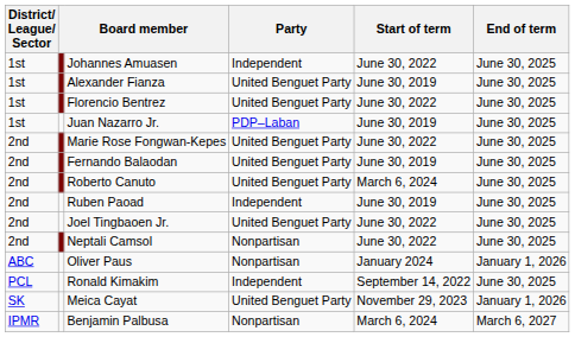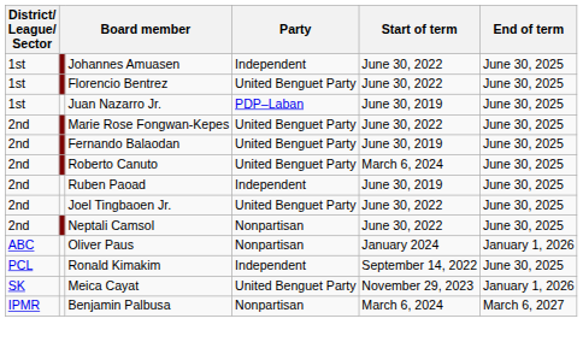 <table class="wikitable">
 <tr>
 <th>District/<br>League/<br>Sector</th>
 <th colspan="2">Board member</th>
 <th>Party</th>
 <th>Start of term</th>
 <th>End of term</th>
 </tr>
 <tr>
 <td>1st</td>
 <td bgcolor=#7D0403></td>
 <td>Johannes Amuasen</td>
 <td>Independent</td>
 <td>June 30, 2022</td>
-<td>June 30, 2025</td>
-</tr>
-<tr>
-<td>1st</td>
-<td bgcolor=#7D0403></td>
-<td>Alexander Fianza</td>
-<td>United Benguet Party</td>
-<td>June 30, 2019</td>
 <td>June 30, 2025</td>
 </tr>
 <tr>
 <td>1st</td>
 <td bgcolor=#7D0403></td>
 <td>Florencio Bentrez</td>
 <td>United Benguet Party</td>
 <td>June 30, 2022</td>
 <td>June 30, 2025</td>
 </tr>
 <tr>
 <td>1st</td>
 <td></td>
 <td>Juan Nazarro Jr.</td>
 <td><a href='#'>PDP–Laban</a></td>
 <td>June 30, 2019</td>
 <td>June 30, 2025</td>
 </tr>
 <tr>
 <td>2nd</td>
 <td bgcolor=#7D0403></td>
 <td>Marie Rose Fongwan-Kepes</td>
 <td>United Benguet Party</td>
 <td>June 30, 2022</td>
 <td>June 30, 2025</td>
 </tr>
 <tr>
 <td>2nd</td>
 <td bgcolor=#7D0403></td>
 <td>Fernando Balaodan</td>
 <td>United Benguet Party</td>
 <td>June 30, 2019</td>
 <td>June 30, 2025</td>
 </tr>
 <tr>
 <td>2nd</td>
 <td bgcolor=#7D0403></td>
 <td>Roberto Canuto</td>
 <td>United Benguet Party</td>
 <td>March 6, 2024</td>
 <td>June 30, 2025</td>
 </tr>
 <tr>
 <td>2nd</td>
 <td></td>
 <td>Ruben Paoad</td>
 <td>Independent</td>
 <td>June 30, 2019</td>
 <td>June 30, 2025</td>
 </tr>
 <tr>
 <td>2nd</td>
 <td></td>
 <td>Joel Tingbaoen Jr.</td>
 <td>United Benguet Party</td>
 <td>June 30, 2022</td>
 <td>June 30, 2025</td>
 </tr>
 <tr>
 <td>2nd</td>
 <td bgcolor=#7D0403></td>
 <td>Neptali Camsol</td>
 <td>Nonpartisan</td>
 <td>June 30, 2022</td>
 <td>June 30, 2025</td>
 </tr>
 <tr>
 <td><a href='#'>ABC</a></td>
 <td></td>
 <td>Oliver Paus</td>
 <td>Nonpartisan</td>
 <td>January 2024</td>
 <td>January 1, 2026</td>
 </tr>
 <tr>
 <td><a href='#'>PCL</a></td>
 <td></td>
 <td>Ronald Kimakim</td>
 <td>Independent</td>
 <td>September 14, 2022</td>
 <td>June 30, 2025</td>
 </tr>
 <tr>
 <td><a href='#'>SK</a></td>
 <td></td>
 <td>Meica Cayat</td>
 <td>United Benguet Party</td>
 <td>November 29, 2023</td>
 <td>January 1, 2026</td>
 </tr>
 <tr>
 <td><a href='#'>IPMR</a></td>
 <td></td>
 <td>Benjamin Palbusa</td>
 <td>Nonpartisan</td>
 <td>March 6, 2024</td>
 <td>March 6, 2027</td>
 </tr>
 </table>
